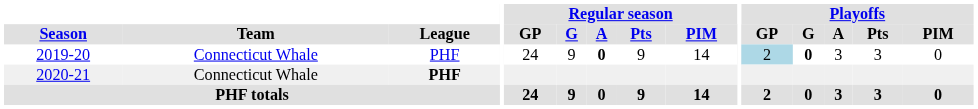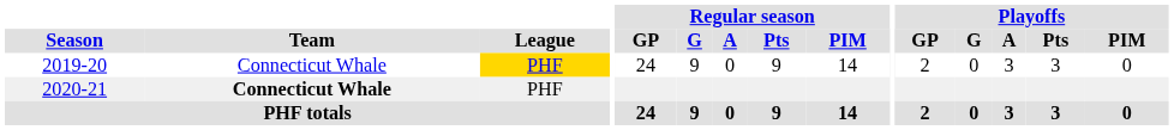 <table border="0" cellpadding="1" cellspacing="0" style="text-align:center; width:60em">
 <tr bgcolor="#e0e0e0">
 <th colspan="3" bgcolor="#ffffff"></th>
 <th rowspan="99" bgcolor="#ffffff"></th>
 <th colspan="5"><a href='#'>Regular season</a></th>
 <th rowspan="99" bgcolor="#ffffff"></th>
 <th colspan="5"><a href='#'>Playoffs</a></th>
 </tr>
 <tr bgcolor="#e0e0e0">
 <th><a href='#'>Season</a></th>
 <th>Team</th>
 <th>League</th>
 <th>GP</th>
 <th><a href='#'>G</a></th>
 <th><a href='#'>A</a></th>
 <th><a href='#'>Pts</a></th>
 <th><a href='#'>PIM</a></th>
 <th>GP</th>
 <th>G</th>
 <th>A</th>
 <th>Pts</th>
 <th>PIM</th>
 </tr>
 <tr>
 <td><a href='#'>2019-20</a></td>
 <td><a href='#'>Connecticut Whale</a></td>
-<td><a href='#'>PHF</a></td>
+<td style="background: gold;"><a href='#'>PHF</a></td>
 <td>24</td>
 <td>9</td>
-<td><strong>0</strong></td>
+<td>0</td>
 <td>9</td>
 <td>14</td>
-<td style="background: lightblue;">2</td>
-<td><strong>0</strong></td>
+<td>2</td>
+<td>0</td>
 <td>3</td>
 <td>3</td>
 <td>0</td>
 </tr>
 <tr bgcolor="#f0f0f0">
 <td><a href='#'>2020-21</a></td>
-<td>Connecticut Whale</td>
-<td><strong>PHF</strong></td>
+<td><strong>Connecticut Whale</strong></td>
+<td>PHF</td>
 <td></td>
 <td></td>
 <td></td>
 <td></td>
 <td></td>
 <td></td>
 <td></td>
 <td></td>
 <td></td>
 <td></td>
 </tr>
 <tr bgcolor="#e0e0e0">
 <th colspan="3">PHF totals</th>
 <th>24</th>
 <th>9</th>
 <th>0</th>
 <th>9</th>
 <th>14</th>
 <th>2</th>
 <th>0</th>
 <th>3</th>
 <th>3</th>
 <th>0</th>
 </tr>
 </table>
